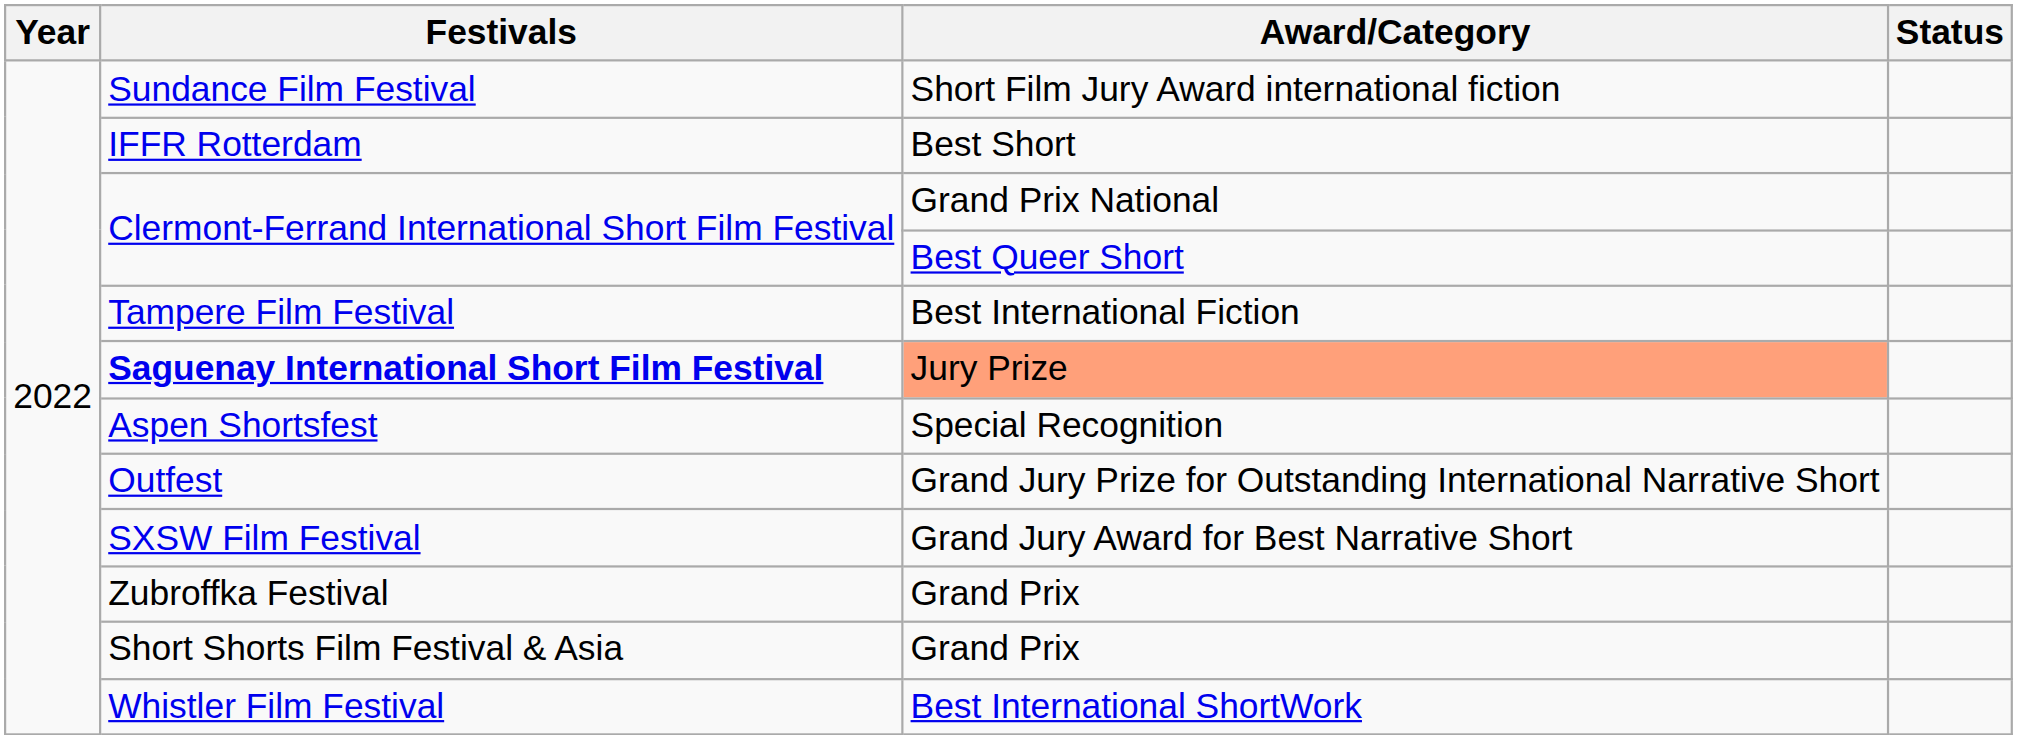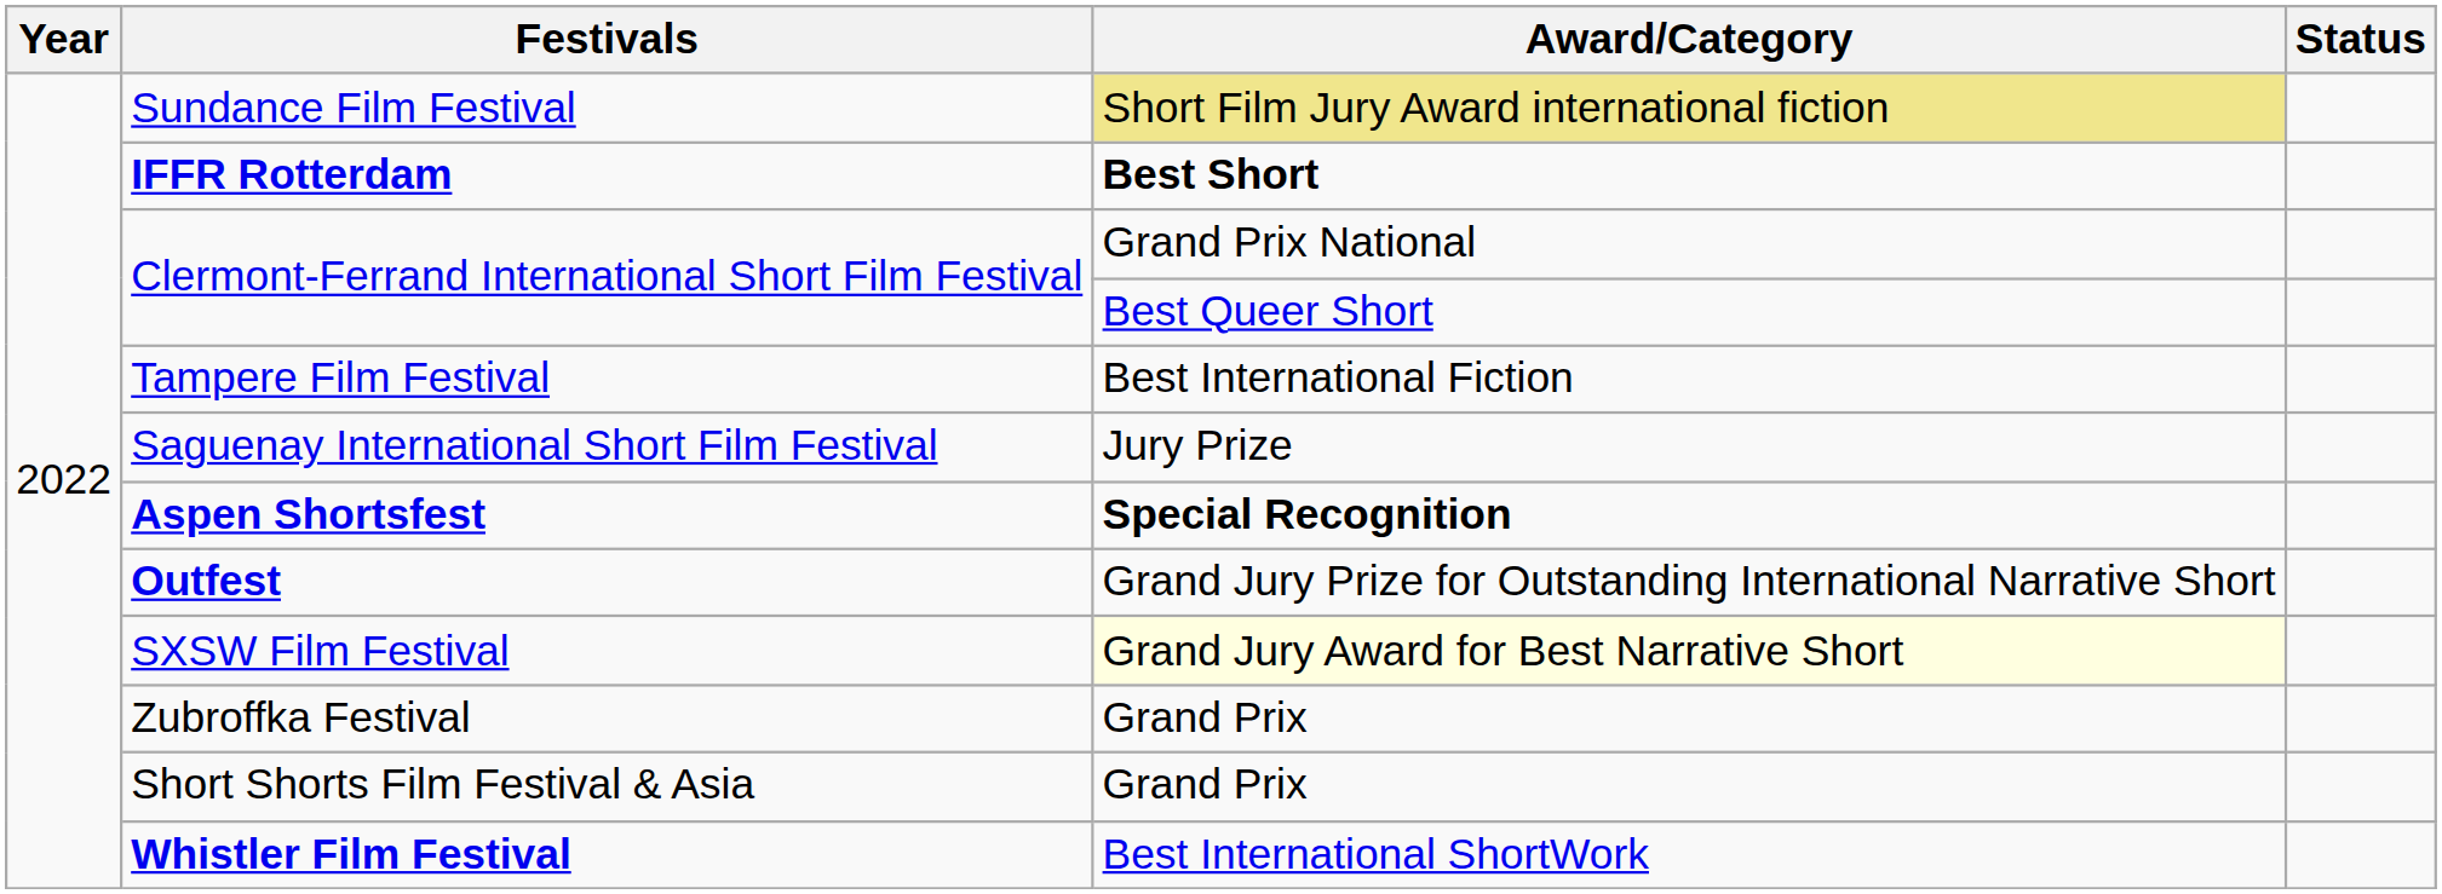 <table class="wikitable">
 <tr>
 <th>Year</th>
 <th>Festivals</th>
 <th>Award/Category</th>
 <th>Status</th>
 </tr>
 <tr>
 <td rowspan="12">2022</td>
 <td><a href='#'>Sundance Film Festival</a></td>
-<td>Short Film Jury Award international fiction</td>
+<td style="background: khaki;">Short Film Jury Award international fiction</td>
 <td></td>
 </tr>
 <tr>
-<td><a href='#'>IFFR Rotterdam</a></td>
-<td>Best Short</td>
+<td><strong><a href='#'>IFFR Rotterdam</a></strong></td>
+<td><strong>Best Short</strong></td>
 <td></td>
 </tr>
 <tr>
 <td rowspan=2><a href='#'>Clermont-Ferrand International Short Film Festival</a></td>
 <td>Grand Prix National</td>
 <td></td>
 </tr>
 <tr>
 <td><a href='#'>Best Queer Short</a></td>
 <td></td>
 </tr>
 <tr>
 <td><a href='#'>Tampere Film Festival</a></td>
 <td>Best International Fiction</td>
 <td></td>
 </tr>
 <tr>
-<td><strong><a href='#'>Saguenay International Short Film Festival</a></strong></td>
-<td style="background: lightsalmon;">Jury Prize</td>
+<td><a href='#'>Saguenay International Short Film Festival</a></td>
+<td>Jury Prize</td>
 <td></td>
 </tr>
 <tr>
-<td><a href='#'>Aspen Shortsfest</a></td>
-<td>Special Recognition</td>
+<td><strong><a href='#'>Aspen Shortsfest</a></strong></td>
+<td><strong>Special Recognition</strong></td>
 <td></td>
 </tr>
 <tr>
-<td><a href='#'>Outfest</a></td>
+<td><strong><a href='#'>Outfest</a></strong></td>
 <td>Grand Jury Prize for Outstanding International Narrative Short</td>
 <td></td>
 </tr>
 <tr>
 <td><a href='#'>SXSW Film Festival</a></td>
-<td>Grand Jury Award for Best Narrative Short</td>
+<td style="background: lightyellow;">Grand Jury Award for Best Narrative Short</td>
 <td></td>
 </tr>
 <tr>
 <td>Zubroffka Festival</td>
 <td>Grand Prix</td>
 <td></td>
 </tr>
 <tr>
 <td>Short Shorts Film Festival & Asia</td>
 <td>Grand Prix</td>
 <td></td>
 </tr>
 <tr>
-<td><a href='#'>Whistler Film Festival</a></td>
+<td><strong><a href='#'>Whistler Film Festival</a></strong></td>
 <td><a href='#'>Best International ShortWork</a></td>
 <td></td>
 </tr>
 </table>
